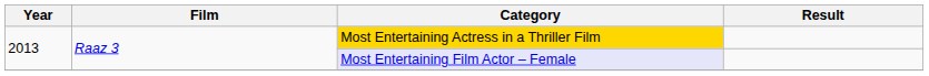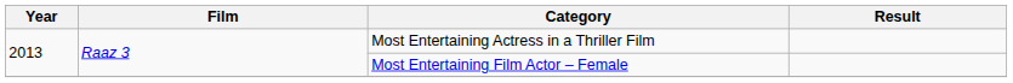 <table class="wikitable sortable plainrowheaders">
 <tr>
 <th width=5%>Year</th>
 <th width=20%>Film</th>
 <th width=29%>Category</th>
 <th width=15%>Result</th>
 </tr>
 <tr>
 <td rowspan="2">2013</td>
 <td rowspan="2"><em><a href='#'>Raaz 3</a></em></td>
-<td style="background: gold;">Most Entertaining Actress in a Thriller Film</td>
+<td>Most Entertaining Actress in a Thriller Film</td>
 <td></td>
 </tr>
 <tr>
-<td style="background: lavender;"><a href='#'>Most Entertaining Film Actor – Female</a></td>
+<td><a href='#'>Most Entertaining Film Actor – Female</a></td>
 <td></td>
 </tr>
 <tr>
 </tr>
 </table>
